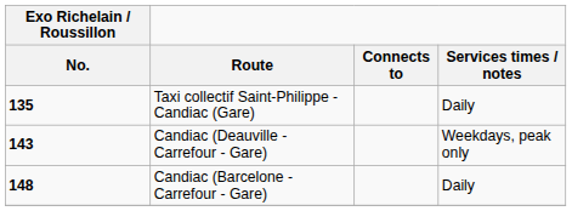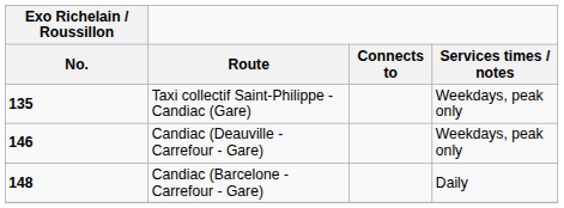 <table align=center class="wikitable">
 <tr>
 <th style="background: #">Exo Richelain / Roussillon</th>
 </tr>
 <tr>
 <th>No.</th>
 <th>Route</th>
 <th>Connects to</th>
 <th>Services times / notes</th>
 </tr>
 <tr>
 <td {{border> <strong>135</strong></td>
 <td>Taxi collectif Saint-Philippe - Candiac (Gare)</td>
 <td></td>
-<td>Daily</td>
+<td>Weekdays, peak only</td>
 </tr>
 <tr>
-<td {{border> <strong>143</strong></td>
+<td {{border> <strong>146</strong></td>
 <td>Candiac (Deauville - Carrefour - Gare)</td>
 <td></td>
 <td>Weekdays, peak only</td>
 </tr>
 <tr>
 <td {{border> <strong>148</strong></td>
 <td>Candiac (Barcelone - Carrefour - Gare)</td>
 <td></td>
 <td>Daily</td>
 </tr>
 <tr>
 </tr>
 </table>
